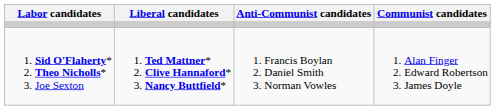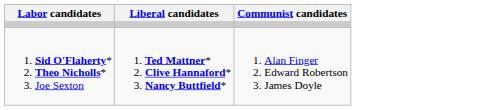 <table class="wikitable">
 <tr>
 <th><a href='#'>Labor</a> candidates</th>
 <th><a href='#'>Liberal</a> candidates</th>
-<th><a href='#'>Anti-Communist</a> candidates</th>
 <th><a href='#'>Communist</a> candidates</th>
 </tr>
 <tr bgcolor="#cccccc">
-<td></td>
 <td></td>
 <td></td>
 <td></td>
 </tr>
 <tr>
 <td><br><ol><li><strong><a href='#'>Sid O'Flaherty</a></strong>*</li><li><strong><a href='#'>Theo Nicholls</a></strong>*</li><li><a href='#'>Joe Sexton</a></li></ol></td>
 <td><br><ol><li><strong><a href='#'>Ted Mattner</a></strong>*</li><li><strong><a href='#'>Clive Hannaford</a></strong>*</li><li><strong><a href='#'>Nancy Buttfield</a></strong>*</li></ol></td>
-<td valign=top><br><ol><li>Francis Boylan</li><li>Daniel Smith</li><li>Norman Vowles</li></ol></td>
 <td valign=top><br><ol><li><a href='#'>Alan Finger</a></li><li>Edward Robertson</li><li>James Doyle</li></ol></td>
 </tr>
 </table>
